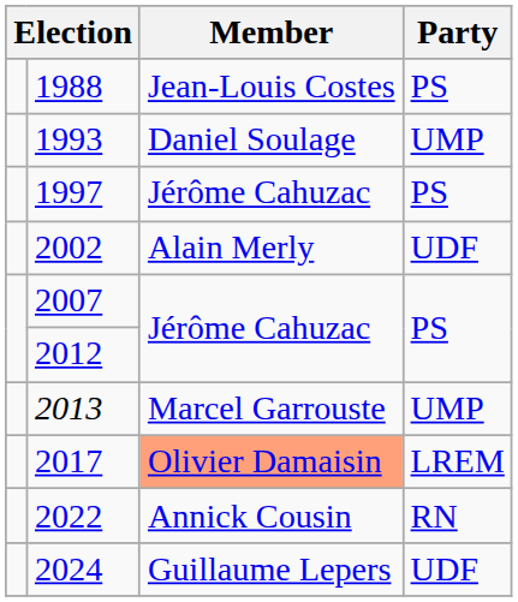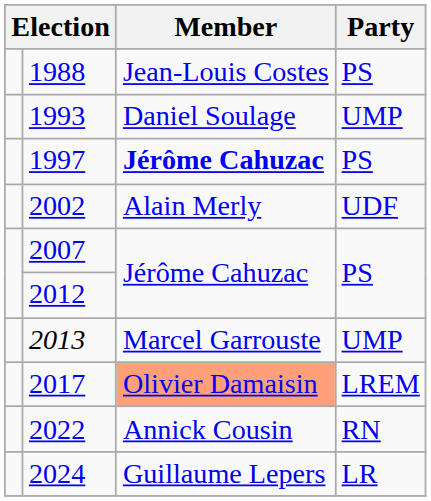 <table class="wikitable">
 <tr>
 <th colspan=2>Election</th>
 <th>Member</th>
 <th>Party</th>
 </tr>
 <tr>
 <td style="background-color: "></td>
 <td><a href='#'>1988</a></td>
 <td><a href='#'>Jean-Louis Costes</a></td>
 <td><a href='#'>PS</a></td>
 </tr>
 <tr>
 <td style="background-color: "></td>
 <td><a href='#'>1993</a></td>
 <td><a href='#'>Daniel Soulage</a></td>
 <td><a href='#'>UMP</a></td>
 </tr>
 <tr>
 <td style="background-color: "></td>
 <td><a href='#'>1997</a></td>
-<td><a href='#'>Jérôme Cahuzac</a></td>
+<td><strong><a href='#'>Jérôme Cahuzac</a></strong></td>
 <td><a href='#'>PS</a></td>
 </tr>
 <tr>
 <td style="background-color: "></td>
 <td><a href='#'>2002</a></td>
 <td><a href='#'>Alain Merly</a></td>
 <td><a href='#'>UDF</a></td>
 </tr>
 <tr>
 <td rowspan=2 style="background-color: "></td>
 <td><a href='#'>2007</a></td>
 <td rowspan=2><a href='#'>Jérôme Cahuzac</a></td>
 <td rowspan=2><a href='#'>PS</a></td>
 </tr>
 <tr>
 <td><a href='#'>2012</a></td>
 </tr>
 <tr>
 <td style="background-color: "></td>
 <td><em>2013</em></td>
 <td><a href='#'>Marcel Garrouste</a></td>
 <td><a href='#'>UMP</a></td>
 </tr>
 <tr>
 <td style="background-color: "></td>
 <td><a href='#'>2017</a></td>
 <td style="background: lightsalmon;"><a href='#'>Olivier Damaisin</a></td>
 <td><a href='#'>LREM</a></td>
 </tr>
 <tr>
 <td style="background-color: "></td>
 <td><a href='#'>2022</a></td>
 <td><a href='#'>Annick Cousin</a></td>
 <td><a href='#'>RN</a></td>
 </tr>
 <tr>
 <td style="background-color: "></td>
 <td><a href='#'>2024</a></td>
 <td><a href='#'>Guillaume Lepers</a></td>
-<td><a href='#'>UDF</a></td>
+<td><a href='#'>LR</a></td>
 </tr>
 </table>
